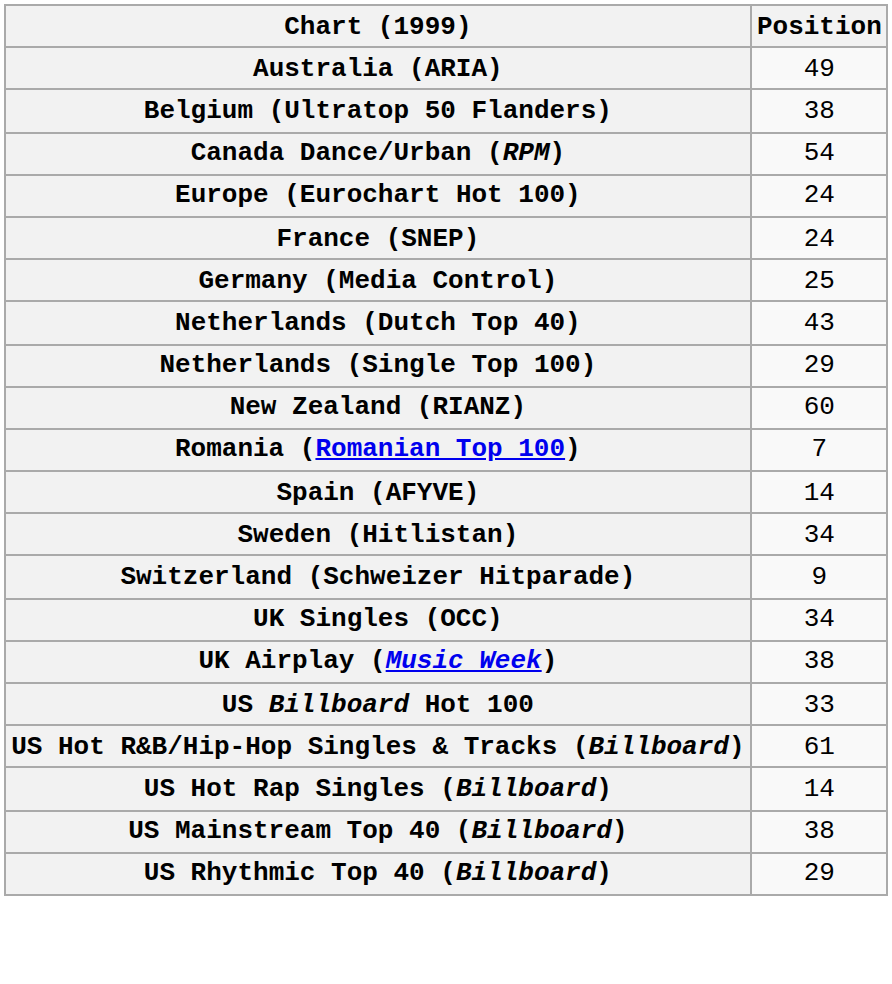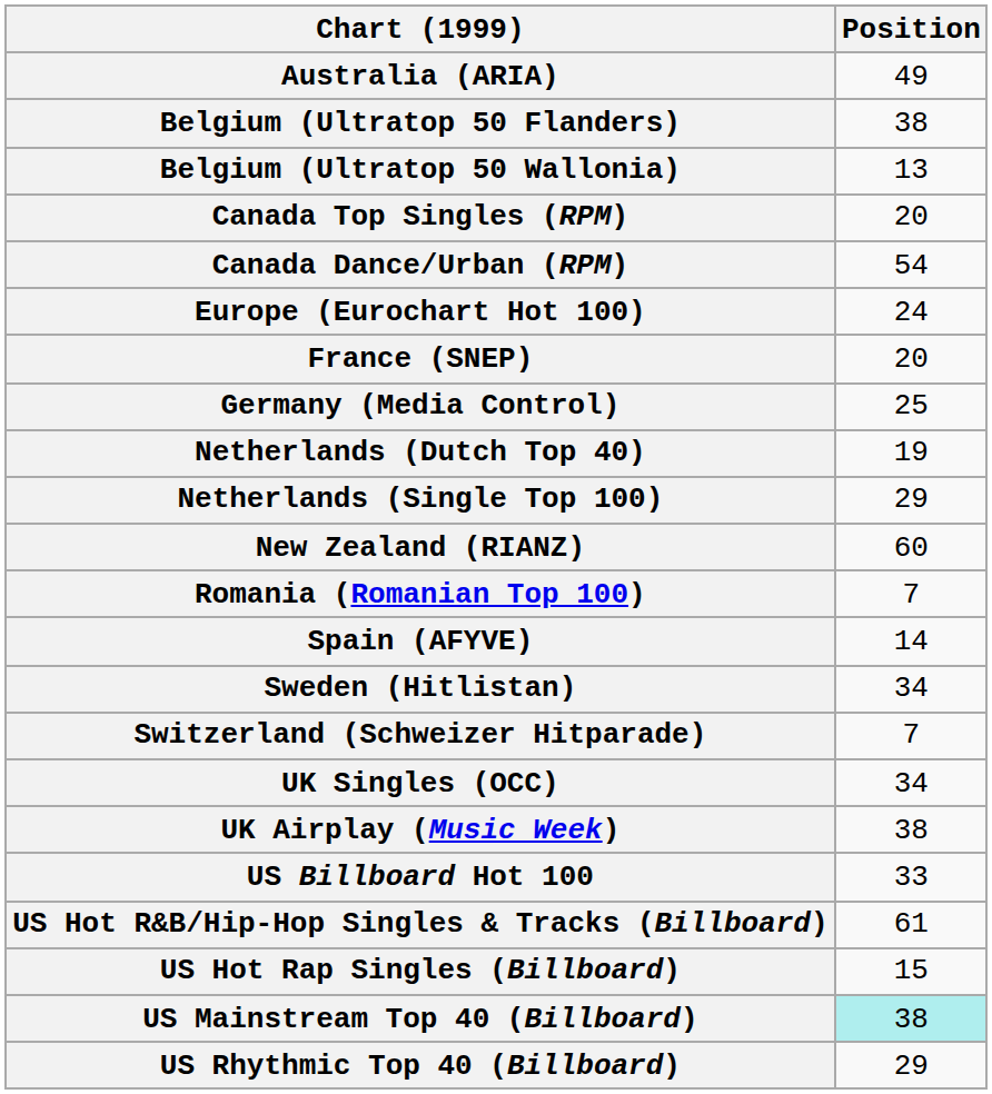 <table class="wikitable sortable plainrowheaders" style="text-align:center">
 <tr>
 <th scope="col">Chart (1999)</th>
 <th scope="col">Position</th>
 </tr>
 <tr>
 <th scope="row">Australia (ARIA)</th>
 <td>49</td>
 </tr>
 <tr>
 <th scope="row">Belgium (Ultratop 50 Flanders)</th>
 <td>38</td>
 </tr>
 <tr>
+<th scope="row">Belgium (Ultratop 50 Wallonia)</th>
+<td>13</td>
+</tr>
+<tr>
+<th scope="row">Canada Top Singles (<em>RPM</em>)</th>
+<td>20</td>
+</tr>
+<tr>
 <th scope="row">Canada Dance/Urban (<em>RPM</em>)</th>
 <td>54</td>
 </tr>
 <tr>
 <th scope="row">Europe (Eurochart Hot 100)</th>
 <td>24</td>
 </tr>
 <tr>
 <th scope="row">France (SNEP)</th>
-<td>24</td>
+<td>20</td>
 </tr>
 <tr>
 <th scope="row">Germany (Media Control)</th>
 <td>25</td>
 </tr>
 <tr>
 <th scope="row">Netherlands (Dutch Top 40)</th>
-<td>43</td>
+<td>19</td>
 </tr>
 <tr>
 <th scope="row">Netherlands (Single Top 100)</th>
 <td>29</td>
 </tr>
 <tr>
 <th scope="row">New Zealand (RIANZ)</th>
 <td>60</td>
 </tr>
 <tr>
 <th scope="row">Romania (<a href='#'>Romanian Top 100</a>)</th>
 <td>7</td>
 </tr>
 <tr>
 <th scope="row">Spain (AFYVE)</th>
 <td>14</td>
 </tr>
 <tr>
 <th scope="row">Sweden (Hitlistan)</th>
 <td>34</td>
 </tr>
 <tr>
 <th scope="row">Switzerland (Schweizer Hitparade)</th>
-<td>9</td>
+<td>7</td>
 </tr>
 <tr>
 <th scope="row">UK Singles (OCC)</th>
 <td>34</td>
 </tr>
 <tr>
 <th scope="row">UK Airplay (<em><a href='#'>Music Week</a></em>)</th>
 <td>38</td>
 </tr>
 <tr>
 <th scope="row">US <em>Billboard</em> Hot 100</th>
 <td>33</td>
 </tr>
 <tr>
 <th scope="row">US Hot R&B/Hip-Hop Singles & Tracks (<em>Billboard</em>)</th>
 <td>61</td>
 </tr>
 <tr>
 <th scope="row">US Hot Rap Singles (<em>Billboard</em>)</th>
-<td>14</td>
+<td>15</td>
 </tr>
 <tr>
 <th scope="row">US Mainstream Top 40 (<em>Billboard</em>)</th>
-<td>38</td>
+<td style="background: paleturquoise;">38</td>
 </tr>
 <tr>
 <th scope="row">US Rhythmic Top 40 (<em>Billboard</em>)</th>
 <td>29</td>
 </tr>
 </table>
